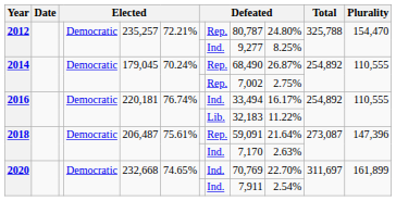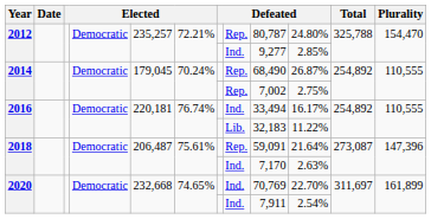 <table class=wikitable>
 <tr>
 <th>Year</th>
 <th>Date</th>
 <th ! colspan="4">Elected</th>
 <th ! colspan="4">Defeated</th>
 <th>Total</th>
 <th>Plurality</th>
 </tr>
 <tr>
 <th rowspan="2" valign="top"><a href='#'>2012</a></th>
 <td rowspan="2" valign="top"></td>
 <td rowspan="2" valign="top"></td>
 <td rowspan="2" valign="top" ><a href='#'>Democratic</a></td>
 <td rowspan="2" valign="top" align="right">235,257</td>
 <td rowspan="2" valign="top" align="right">72.21%</td>
 <td valign="top"></td>
 <td valign="top" ><a href='#'>Rep.</a></td>
 <td valign="top" align="right">80,787</td>
 <td valign="top" align="right">24.80%</td>
 <td rowspan="2" valign="top" align="right">325,788</td>
 <td rowspan="2" valign="top" align="right">154,470</td>
 </tr>
 <tr>
 <td valign="top"></td>
 <td valign="top" ><a href='#'>Ind.</a></td>
 <td valign="top" align="right">9,277</td>
-<td valign="top" align="right">8.25%</td>
+<td valign="top" align="right">2.85%</td>
 </tr>
 <tr>
 <th rowspan="2" valign="top"><a href='#'>2014</a></th>
 <td rowspan="2" valign="top"></td>
 <td rowspan="2" valign="top"></td>
 <td rowspan="2" valign="top" ><a href='#'>Democratic</a></td>
 <td rowspan="2" valign="top" align="right">179,045</td>
 <td rowspan="2" valign="top" align="right">70.24%</td>
 <td valign="top"></td>
 <td valign="top" ><a href='#'>Rep.</a></td>
 <td valign="top" align="right">68,490</td>
 <td valign="top" align="right">26.87%</td>
 <td rowspan="2" valign="top" align="right">254,892</td>
 <td rowspan="2" valign="top" align="right">110,555</td>
 </tr>
 <tr>
 <td valign="top"></td>
 <td valign="top" ><a href='#'>Rep.</a></td>
 <td valign="top" align="right">7,002</td>
 <td valign="top" align="right">2.75%</td>
 </tr>
 <tr>
 <th rowspan="2" valign="top"><a href='#'>2016</a></th>
 <td rowspan="2" valign="top"></td>
 <td rowspan="2" valign="top"></td>
 <td rowspan="2" valign="top" ><a href='#'>Democratic</a></td>
 <td rowspan="2" valign="top" align="right">220,181</td>
 <td rowspan="2" valign="top" align="right">76.74%</td>
 <td valign="top"></td>
 <td valign="top" ><a href='#'>Ind.</a></td>
 <td valign="top" align="right">33,494</td>
 <td valign="top" align="right">16.17%</td>
 <td rowspan="2" valign="top" align="right">254,892</td>
 <td rowspan="2" valign="top" align="right">110,555</td>
 </tr>
 <tr>
 <td valign="top"></td>
 <td valign="top" ><a href='#'>Lib.</a></td>
 <td valign="top" align="right">32,183</td>
 <td valign="top" align="right">11.22%</td>
 </tr>
 <tr>
 <th rowspan="2" valign="top"><a href='#'>2018</a></th>
 <td rowspan="2" valign="top"></td>
 <td rowspan="2" valign="top"></td>
 <td rowspan="2" valign="top" ><a href='#'>Democratic</a></td>
 <td rowspan="2" valign="top" align="right">206,487</td>
 <td rowspan="2" valign="top" align="right">75.61%</td>
 <td valign="top"></td>
 <td valign="top" ><a href='#'>Rep.</a></td>
 <td valign="top" align="right">59,091</td>
 <td valign="top" align="right">21.64%</td>
 <td rowspan="2" valign="top" align="right">273,087</td>
 <td rowspan="2" valign="top" align="right">147,396</td>
 </tr>
 <tr>
 <td valign="top"></td>
 <td valign="top" ><a href='#'>Ind.</a></td>
 <td valign="top" align="right">7,170</td>
 <td valign="top" align="right">2.63%</td>
 </tr>
 <tr>
 <th rowspan="2" valign="top"><a href='#'>2020</a></th>
 <td rowspan="2" valign="top"></td>
 <td rowspan="2" valign="top"></td>
 <td rowspan="2" valign="top" ><a href='#'>Democratic</a></td>
 <td rowspan="2" valign="top" align="right">232,668</td>
 <td rowspan="2" valign="top" align="right">74.65%</td>
 <td valign="top"></td>
 <td valign="top" ><a href='#'>Ind.</a></td>
 <td valign="top" align="right">70,769</td>
 <td valign="top" align="right">22.70%</td>
 <td rowspan="2" valign="top" align="right">311,697</td>
 <td rowspan="2" valign="top" align="right">161,899</td>
 </tr>
 <tr>
 <td valign="top"></td>
 <td valign="top" ><a href='#'>Ind.</a></td>
 <td valign="top" align="right">7,911</td>
 <td valign="top" align="right">2.54%</td>
 </tr>
 </table>
